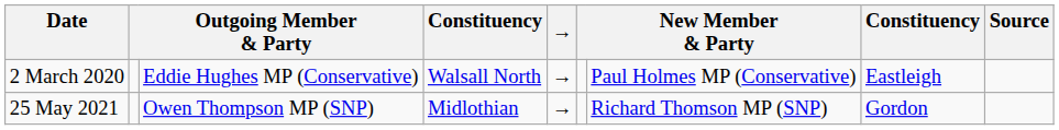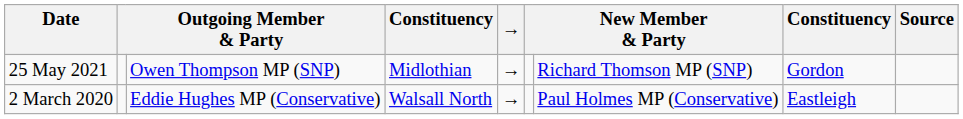 <table class="wikitable">
 <tr>
 <th valign="top">Date</th>
 <th colspan="2" valign="top">Outgoing Member<br>& Party</th>
 <th valign="top">Constituency</th>
 <th>→</th>
 <th colspan="2" valign="top">New Member<br>& Party</th>
 <th valign="top">Constituency</th>
 <th valign="top">Source</th>
+</tr>
+<tr>
+<td>25 May 2021</td>
+<td style="color:inherit;background:"></td>
+<td><a href='#'>Owen Thompson</a> MP (<a href='#'>SNP</a>)</td>
+<td><a href='#'>Midlothian</a></td>
+<td>→</td>
+<td style="color:inherit;background:"></td>
+<td><a href='#'>Richard Thomson</a> MP (<a href='#'>SNP</a>)</td>
+<td><a href='#'>Gordon</a></td>
+<td></td>
 </tr>
 <tr>
 <td>2 March 2020</td>
 <td style="color:inherit;background:"></td>
 <td><a href='#'>Eddie Hughes</a> MP (<a href='#'>Conservative</a>)</td>
 <td><a href='#'>Walsall North</a></td>
 <td>→</td>
 <td style="color:inherit;background:"></td>
 <td><a href='#'>Paul Holmes</a> MP (<a href='#'>Conservative</a>)</td>
 <td><a href='#'>Eastleigh</a></td>
 <td></td>
 </tr>
-<tr>
-<td>25 May 2021</td>
-<td style="color:inherit;background:"></td>
-<td><a href='#'>Owen Thompson</a> MP (<a href='#'>SNP</a>)</td>
-<td><a href='#'>Midlothian</a></td>
-<td>→</td>
-<td style="color:inherit;background:"></td>
-<td><a href='#'>Richard Thomson</a> MP (<a href='#'>SNP</a>)</td>
-<td><a href='#'>Gordon</a></td>
-<td></td>
-</tr>
 </table>
